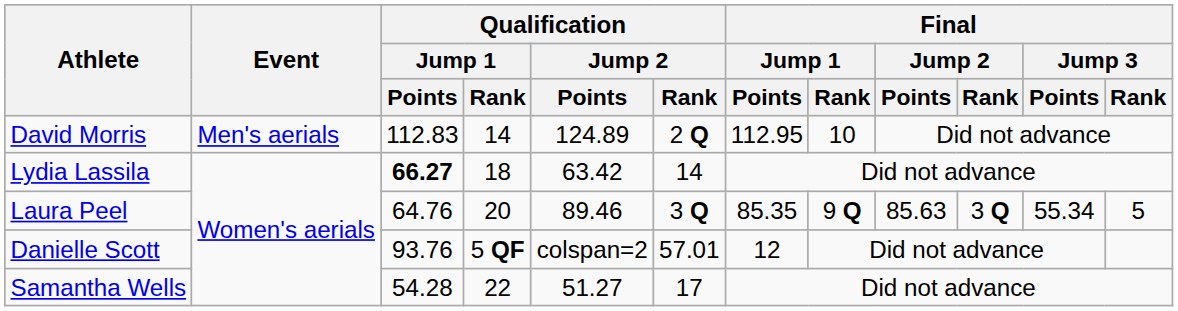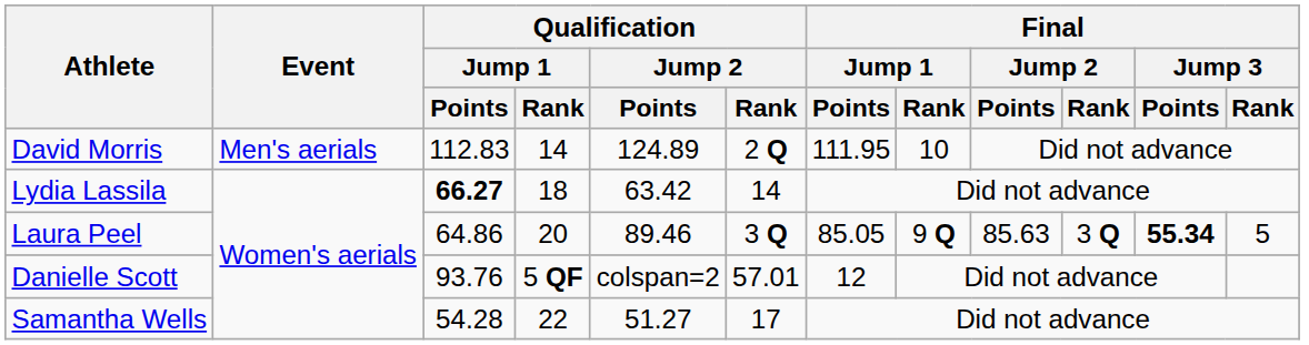 <table class="wikitable" style="font-size:90%">
 <tr>
 <th rowspan="3">Athlete</th>
 <th rowspan="3">Event</th>
 <th colspan=4>Qualification</th>
 <th colspan=6>Final</th>
 </tr>
 <tr style="font-size:95%">
 <th colspan=2>Jump 1</th>
 <th colspan=2>Jump 2</th>
 <th colspan=2>Jump 1</th>
 <th colspan=2>Jump 2</th>
 <th colspan=2>Jump 3</th>
 </tr>
 <tr style="font-size:95%">
 <th>Points</th>
 <th>Rank</th>
 <th>Points</th>
 <th>Rank</th>
 <th>Points</th>
 <th>Rank</th>
 <th>Points</th>
 <th>Rank</th>
 <th>Points</th>
 <th>Rank</th>
 </tr>
 <tr align=center>
 <td align=left><a href='#'>David Morris</a></td>
 <td align=left><a href='#'>Men's aerials</a></td>
 <td>112.83</td>
 <td>14</td>
 <td>124.89</td>
 <td>2 <strong>Q</strong></td>
-<td>112.95</td>
+<td>111.95</td>
 <td>10</td>
 <td colspan=4>Did not advance</td>
 </tr>
 <tr align=center>
 <td align=left><a href='#'>Lydia Lassila</a></td>
 <td align=left rowspan=4><a href='#'>Women's aerials</a></td>
 <td><strong>66.27</strong></td>
 <td>18</td>
 <td>63.42</td>
 <td>14</td>
 <td colspan=6>Did not advance</td>
 </tr>
 <tr align=center>
 <td align=left><a href='#'>Laura Peel</a></td>
-<td>64.76</td>
+<td>64.86</td>
 <td>20</td>
 <td>89.46</td>
 <td>3 <strong>Q</strong></td>
-<td>85.35</td>
+<td>85.05</td>
 <td>9 <strong>Q</strong></td>
 <td>85.63</td>
 <td>3 <strong>Q</strong></td>
-<td>55.34</td>
+<td><strong>55.34</strong></td>
 <td>5</td>
 </tr>
 <tr align=center>
 <td align=left><a href='#'>Danielle Scott</a></td>
 <td>93.76</td>
 <td>5 <strong>QF</strong></td>
 <td>colspan=2 </td>
 <td>57.01</td>
 <td>12</td>
 <td colspan=4>Did not advance</td>
 </tr>
 <tr align=center>
 <td align=left><a href='#'>Samantha Wells</a></td>
 <td>54.28</td>
 <td>22</td>
 <td>51.27</td>
 <td>17</td>
 <td colspan=6>Did not advance</td>
 </tr>
 </table>
